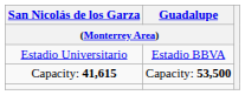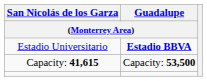 <table class=wikitable style="text-align:center">
 <tr>
 <th><a href='#'>San Nicolás de los Garza</a></th>
 <th><a href='#'>Guadalupe</a></th>
 <th rowspan="5"></th>
 </tr>
 <tr>
 <th colspan="2"><small>(<a href='#'>Monterrey Area</a>)</small></th>
 </tr>
 <tr>
 <td><a href='#'>Estadio Universitario</a></td>
-<td><a href='#'>Estadio BBVA</a></td>
+<td><strong><a href='#'>Estadio BBVA</a></strong></td>
 </tr>
 <tr>
 <td>Capacity: <strong>41,615</strong></td>
 <td>Capacity: <strong>53,500</strong></td>
 </tr>
 <tr>
 <td></td>
 <td></td>
 </tr>
 </table>
